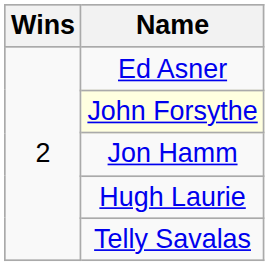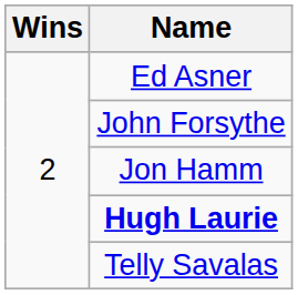 <table class="wikitable sortable" style="text-align: center;">
 <tr>
 <th scope="col">Wins</th>
 <th scope="col" align="center">Name</th>
 </tr>
 <tr>
 <td rowspan="5">2</td>
 <td><a href='#'>Ed Asner</a></td>
 </tr>
 <tr>
-<td style="background: lightyellow;"><a href='#'>John Forsythe</a></td>
+<td><a href='#'>John Forsythe</a></td>
 </tr>
 <tr>
 <td><a href='#'>Jon Hamm</a></td>
 </tr>
 <tr>
-<td><a href='#'>Hugh Laurie</a></td>
+<td><strong><a href='#'>Hugh Laurie</a></strong></td>
 </tr>
 <tr>
 <td><a href='#'>Telly Savalas</a></td>
 </tr>
 </table>
